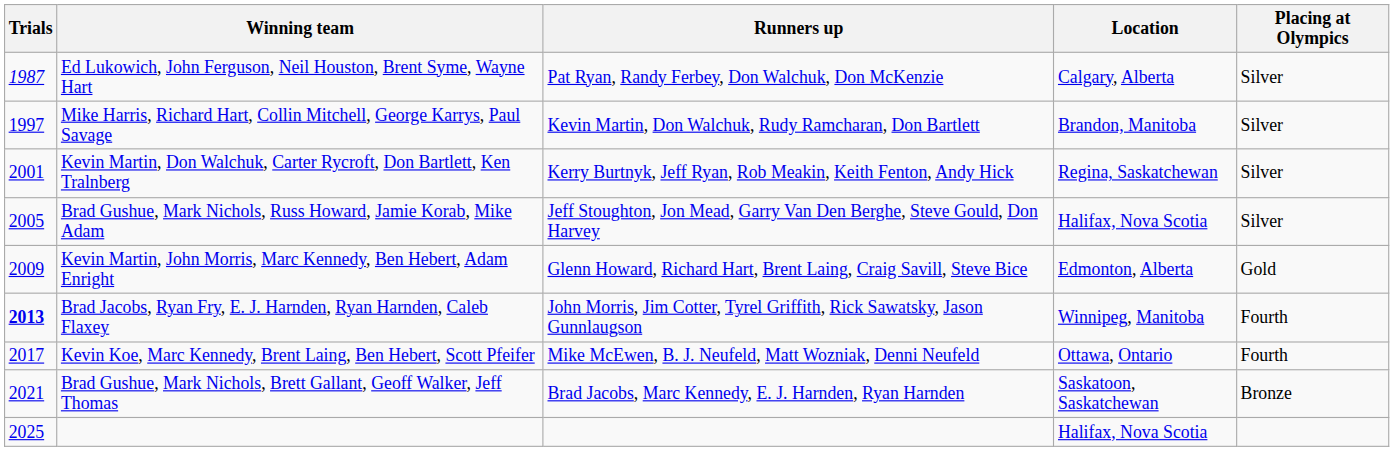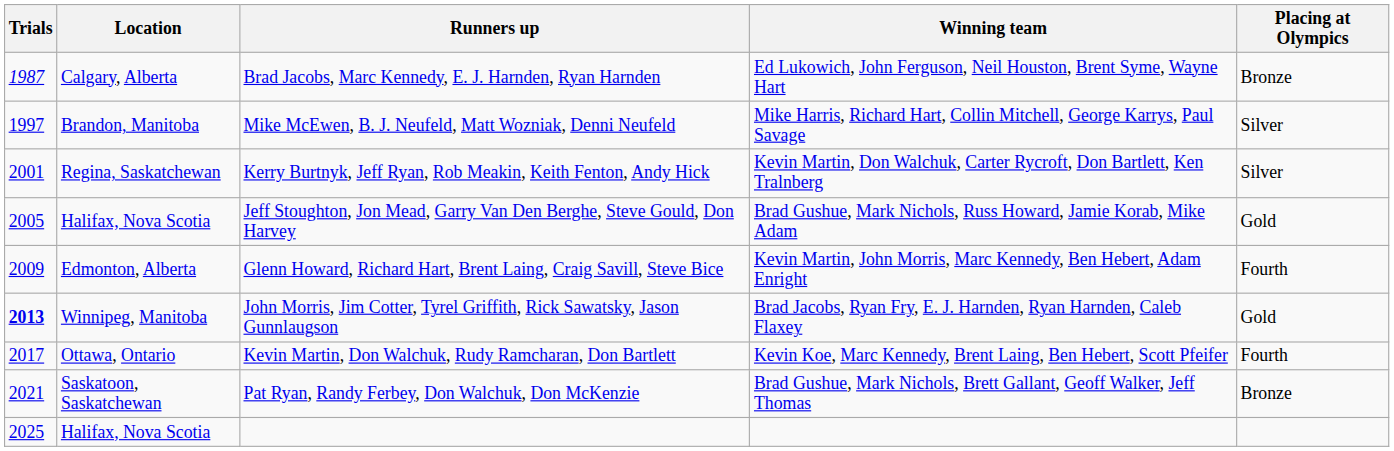 <table class="wikitable">
 <tr>
 <th>Trials</th>
+<th>Location</th>
+<th>Runners up</th>
 <th>Winning team</th>
-<th>Runners up</th>
-<th>Location</th>
 <th>Placing at Olympics</th>
 </tr>
 <tr>
 <td><em><a href='#'>1987</a></em></td>
+<td><a href='#'>Calgary</a>, <a href='#'>Alberta</a></td>
+<td> <a href='#'>Brad Jacobs</a>, <a href='#'>Marc Kennedy</a>, <a href='#'>E. J. Harnden</a>, <a href='#'>Ryan Harnden</a></td>
 <td> <a href='#'>Ed Lukowich</a>, <a href='#'>John Ferguson</a>, <a href='#'>Neil Houston</a>, <a href='#'>Brent Syme</a>, <a href='#'>Wayne Hart</a></td>
-<td> <a href='#'>Pat Ryan</a>, <a href='#'>Randy Ferbey</a>, <a href='#'>Don Walchuk</a>, <a href='#'>Don McKenzie</a></td>
-<td><a href='#'>Calgary</a>, <a href='#'>Alberta</a></td>
-<td> Silver</td>
+<td> Bronze</td>
 </tr>
 <tr>
 <td><a href='#'>1997</a></td>
+<td><a href='#'>Brandon, Manitoba</a></td>
+<td> <a href='#'>Mike McEwen</a>, <a href='#'>B. J. Neufeld</a>, <a href='#'>Matt Wozniak</a>, <a href='#'>Denni Neufeld</a></td>
 <td> <a href='#'>Mike Harris</a>, <a href='#'>Richard Hart</a>, <a href='#'>Collin Mitchell</a>, <a href='#'>George Karrys</a>, <a href='#'>Paul Savage</a></td>
-<td> <a href='#'>Kevin Martin</a>, <a href='#'>Don Walchuk</a>, <a href='#'>Rudy Ramcharan</a>, <a href='#'>Don Bartlett</a></td>
-<td><a href='#'>Brandon, Manitoba</a></td>
 <td> Silver</td>
 </tr>
 <tr>
 <td><a href='#'>2001</a></td>
+<td><a href='#'>Regina, Saskatchewan</a></td>
+<td> <a href='#'>Kerry Burtnyk</a>, <a href='#'>Jeff Ryan</a>, <a href='#'>Rob Meakin</a>, <a href='#'>Keith Fenton</a>, <a href='#'>Andy Hick</a></td>
 <td> <a href='#'>Kevin Martin</a>, <a href='#'>Don Walchuk</a>, <a href='#'>Carter Rycroft</a>, <a href='#'>Don Bartlett</a>, <a href='#'>Ken Tralnberg</a></td>
-<td> <a href='#'>Kerry Burtnyk</a>, <a href='#'>Jeff Ryan</a>, <a href='#'>Rob Meakin</a>, <a href='#'>Keith Fenton</a>, <a href='#'>Andy Hick</a></td>
-<td><a href='#'>Regina, Saskatchewan</a></td>
 <td> Silver</td>
 </tr>
 <tr>
 <td><a href='#'>2005</a></td>
+<td><a href='#'>Halifax, Nova Scotia</a></td>
+<td> <a href='#'>Jeff Stoughton</a>, <a href='#'>Jon Mead</a>, <a href='#'>Garry Van Den Berghe</a>, <a href='#'>Steve Gould</a>, <a href='#'>Don Harvey</a></td>
 <td> <a href='#'>Brad Gushue</a>, <a href='#'>Mark Nichols</a>, <a href='#'>Russ Howard</a>, <a href='#'>Jamie Korab</a>, <a href='#'>Mike Adam</a></td>
-<td> <a href='#'>Jeff Stoughton</a>, <a href='#'>Jon Mead</a>, <a href='#'>Garry Van Den Berghe</a>, <a href='#'>Steve Gould</a>, <a href='#'>Don Harvey</a></td>
-<td><a href='#'>Halifax, Nova Scotia</a></td>
-<td> Silver</td>
+<td> Gold</td>
 </tr>
 <tr>
 <td><a href='#'>2009</a></td>
+<td><a href='#'>Edmonton</a>, <a href='#'>Alberta</a></td>
+<td> <a href='#'>Glenn Howard</a>, <a href='#'>Richard Hart</a>, <a href='#'>Brent Laing</a>, <a href='#'>Craig Savill</a>, <a href='#'>Steve Bice</a></td>
 <td> <a href='#'>Kevin Martin</a>, <a href='#'>John Morris</a>, <a href='#'>Marc Kennedy</a>, <a href='#'>Ben Hebert</a>, <a href='#'>Adam Enright</a></td>
-<td> <a href='#'>Glenn Howard</a>, <a href='#'>Richard Hart</a>, <a href='#'>Brent Laing</a>, <a href='#'>Craig Savill</a>, <a href='#'>Steve Bice</a></td>
-<td><a href='#'>Edmonton</a>, <a href='#'>Alberta</a></td>
+<td>Fourth</td>
+</tr>
+<tr>
+<td><strong><a href='#'>2013</a></strong></td>
+<td><a href='#'>Winnipeg</a>, <a href='#'>Manitoba</a></td>
+<td> <a href='#'>John Morris</a>, <a href='#'>Jim Cotter</a>, <a href='#'>Tyrel Griffith</a>, <a href='#'>Rick Sawatsky</a>, <a href='#'>Jason Gunnlaugson</a></td>
+<td> <a href='#'>Brad Jacobs</a>, <a href='#'>Ryan Fry</a>, <a href='#'>E. J. Harnden</a>, <a href='#'>Ryan Harnden</a>, <a href='#'>Caleb Flaxey</a></td>
 <td> Gold</td>
 </tr>
 <tr>
-<td><strong><a href='#'>2013</a></strong></td>
-<td> <a href='#'>Brad Jacobs</a>, <a href='#'>Ryan Fry</a>, <a href='#'>E. J. Harnden</a>, <a href='#'>Ryan Harnden</a>, <a href='#'>Caleb Flaxey</a></td>
-<td> <a href='#'>John Morris</a>, <a href='#'>Jim Cotter</a>, <a href='#'>Tyrel Griffith</a>, <a href='#'>Rick Sawatsky</a>, <a href='#'>Jason Gunnlaugson</a></td>
-<td><a href='#'>Winnipeg</a>, <a href='#'>Manitoba</a></td>
-<td>Fourth</td>
-</tr>
-<tr>
 <td><a href='#'>2017</a></td>
+<td><a href='#'>Ottawa</a>, <a href='#'>Ontario</a></td>
+<td> <a href='#'>Kevin Martin</a>, <a href='#'>Don Walchuk</a>, <a href='#'>Rudy Ramcharan</a>, <a href='#'>Don Bartlett</a></td>
 <td> <a href='#'>Kevin Koe</a>, <a href='#'>Marc Kennedy</a>, <a href='#'>Brent Laing</a>, <a href='#'>Ben Hebert</a>, <a href='#'>Scott Pfeifer</a></td>
-<td> <a href='#'>Mike McEwen</a>, <a href='#'>B. J. Neufeld</a>, <a href='#'>Matt Wozniak</a>, <a href='#'>Denni Neufeld</a></td>
-<td><a href='#'>Ottawa</a>, <a href='#'>Ontario</a></td>
 <td>Fourth</td>
 </tr>
 <tr>
 <td><a href='#'>2021</a></td>
+<td><a href='#'>Saskatoon</a>, <a href='#'>Saskatchewan</a></td>
+<td> <a href='#'>Pat Ryan</a>, <a href='#'>Randy Ferbey</a>, <a href='#'>Don Walchuk</a>, <a href='#'>Don McKenzie</a></td>
 <td> <a href='#'>Brad Gushue</a>, <a href='#'>Mark Nichols</a>, <a href='#'>Brett Gallant</a>, <a href='#'>Geoff Walker</a>, <a href='#'>Jeff Thomas</a></td>
-<td> <a href='#'>Brad Jacobs</a>, <a href='#'>Marc Kennedy</a>, <a href='#'>E. J. Harnden</a>, <a href='#'>Ryan Harnden</a></td>
-<td><a href='#'>Saskatoon</a>, <a href='#'>Saskatchewan</a></td>
 <td> Bronze</td>
 </tr>
 <tr>
 <td><a href='#'>2025</a></td>
+<td><a href='#'>Halifax, Nova Scotia</a></td>
 <td></td>
 <td></td>
-<td><a href='#'>Halifax, Nova Scotia</a></td>
 <td></td>
 </tr>
 </table>
